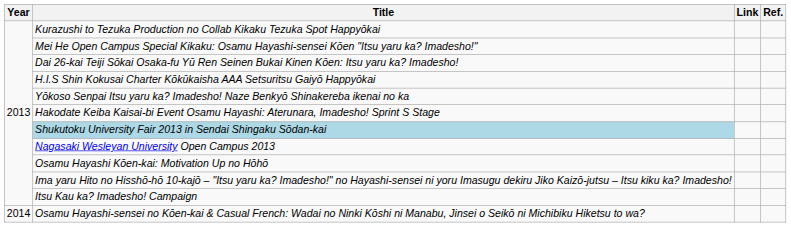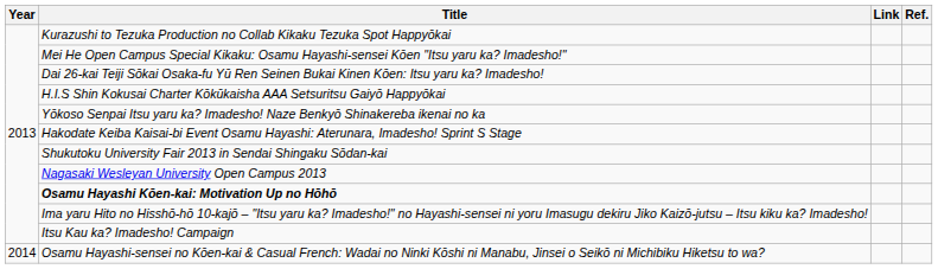 <table class="wikitable">
 <tr>
 <th>Year</th>
 <th>Title</th>
 <th>Link</th>
 <th>Ref.</th>
 </tr>
 <tr>
 <td rowspan="11">2013</td>
 <td><em>Kurazushi to Tezuka Production no Collab Kikaku Tezuka Spot Happyōkai</em></td>
 <td></td>
 <td></td>
 </tr>
 <tr>
 <td><em>Mei He Open Campus Special Kikaku: Osamu Hayashi-sensei Kōen "Itsu yaru ka? Imadesho!"</em></td>
 <td></td>
 <td></td>
 </tr>
 <tr>
 <td><em>Dai 26-kai Teiji Sōkai Osaka-fu Yū Ren Seinen Bukai Kinen Kōen: Itsu yaru ka? Imadesho!</em></td>
 <td></td>
 <td></td>
 </tr>
 <tr>
 <td><em>H.I.S Shin Kokusai Charter Kōkūkaisha AAA Setsuritsu Gaiyō Happyōkai</em></td>
 <td></td>
 <td></td>
 </tr>
 <tr>
 <td><em>Yōkoso Senpai Itsu yaru ka? Imadesho! Naze Benkyō Shinakereba ikenai no ka</em></td>
 <td></td>
 <td></td>
 </tr>
 <tr>
 <td><em>Hakodate Keiba Kaisai-bi Event Osamu Hayashi: Aterunara, Imadesho! Sprint S Stage</em></td>
 <td></td>
 <td></td>
 </tr>
 <tr>
-<td style="background: lightblue;"><em>Shukutoku University Fair 2013 in Sendai Shingaku Sōdan-kai</em></td>
+<td><em>Shukutoku University Fair 2013 in Sendai Shingaku Sōdan-kai</em></td>
 <td></td>
 <td></td>
 </tr>
 <tr>
 <td><em><a href='#'>Nagasaki Wesleyan University</a> Open Campus 2013</em></td>
 <td></td>
 <td></td>
 </tr>
 <tr>
-<td><em>Osamu Hayashi Kōen-kai: Motivation Up no Hōhō</em></td>
+<td><strong><em>Osamu Hayashi Kōen-kai: Motivation Up no Hōhō</em></strong></td>
 <td></td>
 <td></td>
 </tr>
 <tr>
 <td><em>Ima yaru Hito no Hisshō-hō 10-kajō – "Itsu yaru ka? Imadesho!" no Hayashi-sensei ni yoru Imasugu dekiru Jiko Kaizō-jutsu – Itsu kiku ka? Imadesho!</em></td>
 <td></td>
 <td></td>
 </tr>
 <tr>
 <td><em>Itsu Kau ka? Imadesho! Campaign</em></td>
 <td></td>
 <td></td>
 </tr>
 <tr>
 <td>2014</td>
 <td><em>Osamu Hayashi-sensei no Kōen-kai & Casual French: Wadai no Ninki Kōshi ni Manabu, Jinsei o Seikō ni Michibiku Hiketsu to wa?</em></td>
 <td></td>
 <td></td>
 </tr>
 </table>
